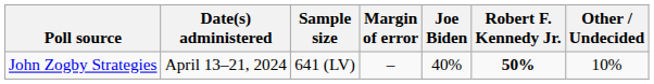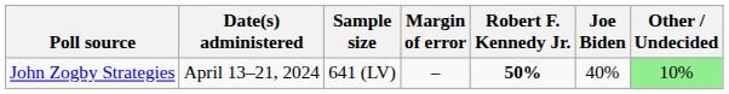 <table class="wikitable sortable mw-datatable" style="font-size:90%;text-align:center;line-height:17px">
 <tr valign=bottom>
 <th>Poll source</th>
 <th>Date(s)<br>administered</th>
 <th>Sample<br>size</th>
 <th>Margin<br>of error</th>
+<th class="unsortable">Robert F.<br>Kennedy Jr.<br></th>
 <th class="unsortable">Joe<br>Biden<br></th>
-<th class="unsortable">Robert F.<br>Kennedy Jr.<br></th>
 <th class="unsortable">Other /<br>Undecided</th>
 </tr>
 <tr>
 <td style="text-align:left;"><a href='#'>John Zogby Strategies</a></td>
 <td data-sort-value="2024-05-01">April 13–21, 2024</td>
 <td>641 (LV)</td>
 <td>–</td>
+<td style="background-color:"><strong>50%</strong></td>
 <td>40%</td>
-<td style="background-color:"><strong>50%</strong></td>
-<td>10%</td>
+<td style="background: lightgreen;">10%</td>
 </tr>
 </table>
